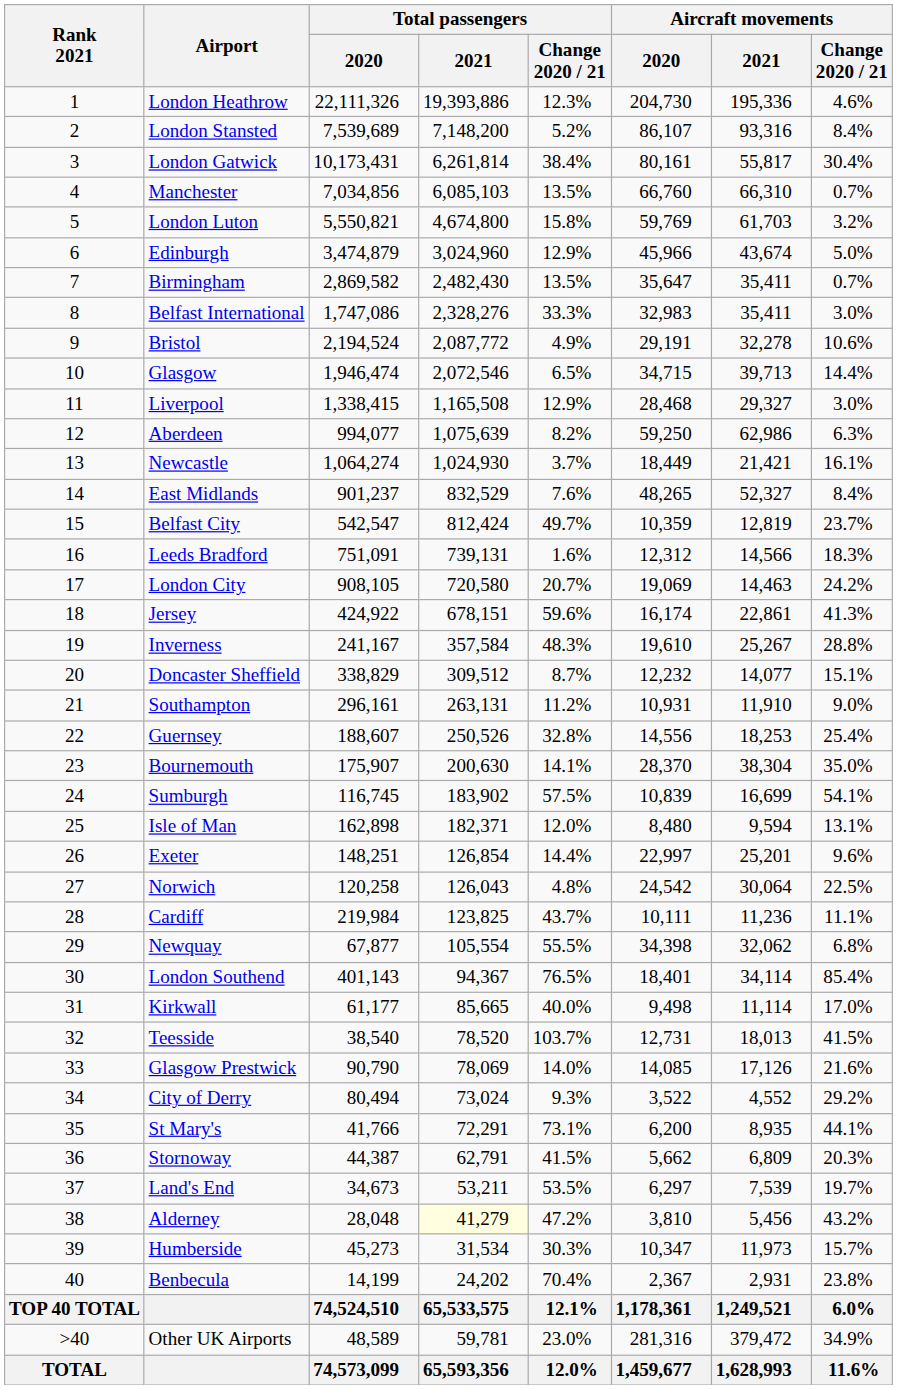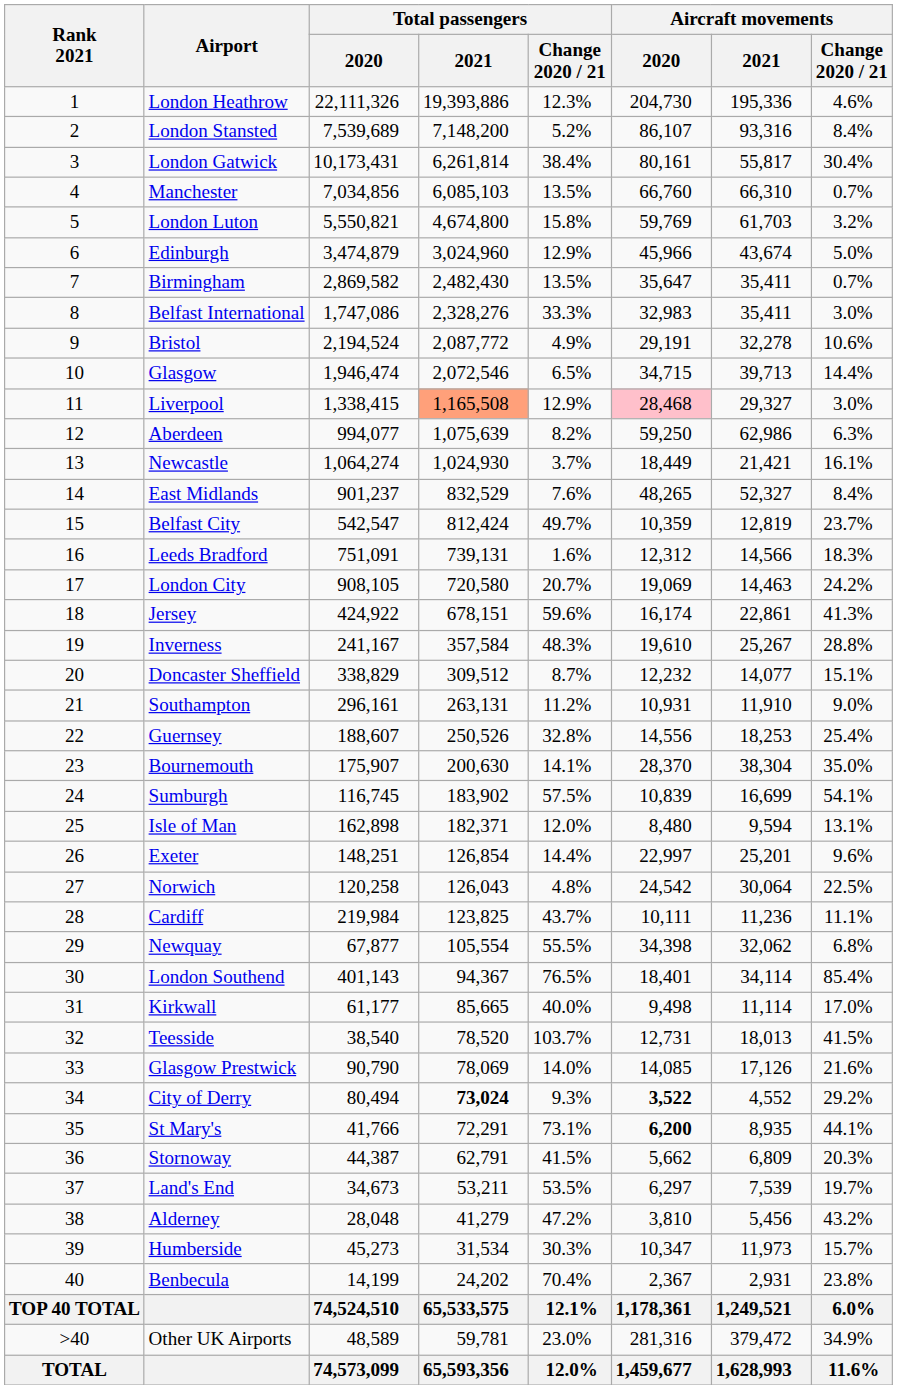 <table class="wikitable sortable" style="text-align: right;">
 <tr>
 <th rowspan=2>Rank<br>2021</th>
 <th rowspan="2">Airport</th>
 <th colspan=3>Total passengers</th>
 <th colspan=3>Aircraft movements</th>
 </tr>
 <tr>
 <th>2020</th>
 <th>2021</th>
 <th>Change<br>2020 / 21</th>
 <th>2020</th>
 <th>2021</th>
 <th>Change<br>2020 / 21</th>
 </tr>
 <tr>
 <td align='center'>1</td>
 <td align='left'><a href='#'>London Heathrow</a></td>
 <td style="padding-right: 1em;">22,111,326</td>
 <td style="padding-right: 1em;">19,393,886</td>
 <td style="padding-right: 1em;">12.3%</td>
 <td style="padding-right: 1em;">204,730</td>
 <td style="padding-right: 1em;">195,336</td>
 <td style="padding-right: 1em;">4.6%</td>
 </tr>
 <tr>
 <td align='center'>2</td>
 <td align='left'><a href='#'>London Stansted</a></td>
 <td style="padding-right: 1em;">7,539,689</td>
 <td style="padding-right: 1em;">7,148,200</td>
 <td style="padding-right: 1em;">5.2%</td>
 <td style="padding-right: 1em;">86,107</td>
 <td style="padding-right: 1em;">93,316</td>
 <td style="padding-right: 1em;">8.4%</td>
 </tr>
 <tr>
 <td align='center'>3</td>
 <td align='left'><a href='#'>London Gatwick</a></td>
 <td style="padding-right: 1em;">10,173,431</td>
 <td style="padding-right: 1em;">6,261,814</td>
 <td style="padding-right: 1em;">38.4%</td>
 <td style="padding-right: 1em;">80,161</td>
 <td style="padding-right: 1em;">55,817</td>
 <td style="padding-right: 1em;">30.4%</td>
 </tr>
 <tr>
 <td align='center'>4</td>
 <td align='left'><a href='#'>Manchester</a></td>
 <td style="padding-right: 1em;">7,034,856</td>
 <td style="padding-right: 1em;">6,085,103</td>
 <td style="padding-right: 1em;">13.5%</td>
 <td style="padding-right: 1em;">66,760</td>
 <td style="padding-right: 1em;">66,310</td>
 <td style="padding-right: 1em;">0.7%</td>
 </tr>
 <tr>
 <td align='center'>5</td>
 <td align='left'><a href='#'>London Luton</a></td>
 <td style="padding-right: 1em;">5,550,821</td>
 <td style="padding-right: 1em;">4,674,800</td>
 <td style="padding-right: 1em;">15.8%</td>
 <td style="padding-right: 1em;">59,769</td>
 <td style="padding-right: 1em;">61,703</td>
 <td style="padding-right: 1em;">3.2%</td>
 </tr>
 <tr>
 <td align='center'>6</td>
 <td align='left'><a href='#'>Edinburgh</a></td>
 <td style="padding-right: 1em;">3,474,879</td>
 <td style="padding-right: 1em;">3,024,960</td>
 <td style="padding-right: 1em;">12.9%</td>
 <td style="padding-right: 1em;">45,966</td>
 <td style="padding-right: 1em;">43,674</td>
 <td style="padding-right: 1em;">5.0%</td>
 </tr>
 <tr>
 <td align='center'>7</td>
 <td align='left'><a href='#'>Birmingham</a></td>
 <td style="padding-right: 1em;">2,869,582</td>
 <td style="padding-right: 1em;">2,482,430</td>
 <td style="padding-right: 1em;">13.5%</td>
 <td style="padding-right: 1em;">35,647</td>
 <td style="padding-right: 1em;">35,411</td>
 <td style="padding-right: 1em;">0.7%</td>
 </tr>
 <tr>
 <td align='center'>8</td>
 <td align='left'><a href='#'>Belfast International</a></td>
 <td style="padding-right: 1em;">1,747,086</td>
 <td style="padding-right: 1em;">2,328,276</td>
 <td style="padding-right: 1em;">33.3%</td>
 <td style="padding-right: 1em;">32,983</td>
 <td style="padding-right: 1em;">35,411</td>
 <td style="padding-right: 1em;">3.0%</td>
 </tr>
 <tr>
 <td align='center'>9</td>
 <td align='left'><a href='#'>Bristol</a></td>
 <td style="padding-right: 1em;">2,194,524</td>
 <td style="padding-right: 1em;">2,087,772</td>
 <td style="padding-right: 1em;">4.9%</td>
 <td style="padding-right: 1em;">29,191</td>
 <td style="padding-right: 1em;">32,278</td>
 <td style="padding-right: 1em;">10.6%</td>
 </tr>
 <tr>
 <td align='center'>10</td>
 <td align='left'><a href='#'>Glasgow</a></td>
 <td style="padding-right: 1em;">1,946,474</td>
 <td style="padding-right: 1em;">2,072,546</td>
 <td style="padding-right: 1em;">6.5%</td>
 <td style="padding-right: 1em;">34,715</td>
 <td style="padding-right: 1em;">39,713</td>
 <td style="padding-right: 1em;">14.4%</td>
 </tr>
 <tr>
 <td align='center'>11</td>
 <td align='left'><a href='#'>Liverpool</a></td>
 <td style="padding-right: 1em;">1,338,415</td>
-<td style="padding-right: 1em;">1,165,508</td>
+<td style="background: lightsalmon; padding-right: 1em;">1,165,508</td>
 <td style="padding-right: 1em;">12.9%</td>
-<td style="padding-right: 1em;">28,468</td>
+<td style="background: pink; padding-right: 1em;">28,468</td>
 <td style="padding-right: 1em;">29,327</td>
 <td style="padding-right: 1em;">3.0%</td>
 </tr>
 <tr>
 <td align='center'>12</td>
 <td align='left'><a href='#'>Aberdeen</a></td>
 <td style="padding-right: 1em;">994,077</td>
 <td style="padding-right: 1em;">1,075,639</td>
 <td style="padding-right: 1em;">8.2%</td>
 <td style="padding-right: 1em;">59,250</td>
 <td style="padding-right: 1em;">62,986</td>
 <td style="padding-right: 1em;">6.3%</td>
 </tr>
 <tr>
 <td align='center'>13</td>
 <td align='left'><a href='#'>Newcastle</a></td>
 <td style="padding-right: 1em;">1,064,274</td>
 <td style="padding-right: 1em;">1,024,930</td>
 <td style="padding-right: 1em;">3.7%</td>
 <td style="padding-right: 1em;">18,449</td>
 <td style="padding-right: 1em;">21,421</td>
 <td style="padding-right: 1em;">16.1%</td>
 </tr>
 <tr>
 <td align='center'>14</td>
 <td align='left'><a href='#'>East Midlands</a></td>
 <td style="padding-right: 1em;">901,237</td>
 <td style="padding-right: 1em;">832,529</td>
 <td style="padding-right: 1em;">7.6%</td>
 <td style="padding-right: 1em;">48,265</td>
 <td style="padding-right: 1em;">52,327</td>
 <td style="padding-right: 1em;">8.4%</td>
 </tr>
 <tr>
 <td align='center'>15</td>
 <td align='left'><a href='#'>Belfast City</a></td>
 <td style="padding-right: 1em;">542,547</td>
 <td style="padding-right: 1em;">812,424</td>
 <td style="padding-right: 1em;">49.7%</td>
 <td style="padding-right: 1em;">10,359</td>
 <td style="padding-right: 1em;">12,819</td>
 <td style="padding-right: 1em;">23.7%</td>
 </tr>
 <tr>
 <td align='center'>16</td>
 <td align='left'><a href='#'>Leeds Bradford</a></td>
 <td style="padding-right: 1em;">751,091</td>
 <td style="padding-right: 1em;">739,131</td>
 <td style="padding-right: 1em;">1.6%</td>
 <td style="padding-right: 1em;">12,312</td>
 <td style="padding-right: 1em;">14,566</td>
 <td style="padding-right: 1em;">18.3%</td>
 </tr>
 <tr>
 <td align='center'>17</td>
 <td align='left'><a href='#'>London City</a></td>
 <td style="padding-right: 1em;">908,105</td>
 <td style="padding-right: 1em;">720,580</td>
 <td style="padding-right: 1em;">20.7%</td>
 <td style="padding-right: 1em;">19,069</td>
 <td style="padding-right: 1em;">14,463</td>
 <td style="padding-right: 1em;">24.2%</td>
 </tr>
 <tr>
 <td align='center'>18</td>
 <td align='left'><a href='#'>Jersey</a></td>
 <td style="padding-right: 1em;">424,922</td>
 <td style="padding-right: 1em;">678,151</td>
 <td style="padding-right: 1em;">59.6%</td>
 <td style="padding-right: 1em;">16,174</td>
 <td style="padding-right: 1em;">22,861</td>
 <td style="padding-right: 1em;">41.3%</td>
 </tr>
 <tr>
 <td align='center'>19</td>
 <td align='left'><a href='#'>Inverness</a></td>
 <td style="padding-right: 1em;">241,167</td>
 <td style="padding-right: 1em;">357,584</td>
 <td style="padding-right: 1em;">48.3%</td>
 <td style="padding-right: 1em;">19,610</td>
 <td style="padding-right: 1em;">25,267</td>
 <td style="padding-right: 1em;">28.8%</td>
 </tr>
 <tr>
 <td align='center'>20</td>
 <td align='left'><a href='#'>Doncaster Sheffield</a></td>
 <td style="padding-right: 1em;">338,829</td>
 <td style="padding-right: 1em;">309,512</td>
 <td style="padding-right: 1em;">8.7%</td>
 <td style="padding-right: 1em;">12,232</td>
 <td style="padding-right: 1em;">14,077</td>
 <td style="padding-right: 1em;">15.1%</td>
 </tr>
 <tr>
 <td align='center'>21</td>
 <td align='left'><a href='#'>Southampton</a></td>
 <td style="padding-right: 1em;">296,161</td>
 <td style="padding-right: 1em;">263,131</td>
 <td style="padding-right: 1em;">11.2%</td>
 <td style="padding-right: 1em;">10,931</td>
 <td style="padding-right: 1em;">11,910</td>
 <td style="padding-right: 1em;">9.0%</td>
 </tr>
 <tr>
 <td align='center'>22</td>
 <td align='left'><a href='#'>Guernsey</a></td>
 <td style="padding-right: 1em;">188,607</td>
 <td style="padding-right: 1em;">250,526</td>
 <td style="padding-right: 1em;">32.8%</td>
 <td style="padding-right: 1em;">14,556</td>
 <td style="padding-right: 1em;">18,253</td>
 <td style="padding-right: 1em;">25.4%</td>
 </tr>
 <tr>
 <td align='center'>23</td>
 <td align='left'><a href='#'>Bournemouth</a></td>
 <td style="padding-right: 1em;">175,907</td>
 <td style="padding-right: 1em;">200,630</td>
 <td style="padding-right: 1em;">14.1%</td>
 <td style="padding-right: 1em;">28,370</td>
 <td style="padding-right: 1em;">38,304</td>
 <td style="padding-right: 1em;">35.0%</td>
 </tr>
 <tr>
 <td align='center'>24</td>
 <td align="left"><a href='#'>Sumburgh</a></td>
 <td style="padding-right: 1em;">116,745</td>
 <td style="padding-right: 1em;">183,902</td>
 <td style="padding-right: 1em;">57.5%</td>
 <td style="padding-right: 1em;">10,839</td>
 <td style="padding-right: 1em;">16,699</td>
 <td style="padding-right: 1em;">54.1%</td>
 </tr>
 <tr>
 <td align='center'>25</td>
 <td align='left'><a href='#'>Isle of Man</a></td>
 <td style="padding-right: 1em;">162,898</td>
 <td style="padding-right: 1em;">182,371</td>
 <td style="padding-right: 1em;">12.0%</td>
 <td style="padding-right: 1em;">8,480</td>
 <td style="padding-right: 1em;">9,594</td>
 <td style="padding-right: 1em;">13.1%</td>
 </tr>
 <tr>
 <td align='center'>26</td>
 <td align='left'><a href='#'>Exeter</a></td>
 <td style="padding-right: 1em;">148,251</td>
 <td style="padding-right: 1em;">126,854</td>
 <td style="padding-right: 1em;">14.4%</td>
 <td style="padding-right: 1em;">22,997</td>
 <td style="padding-right: 1em;">25,201</td>
 <td style="padding-right: 1em;">9.6%</td>
 </tr>
 <tr>
 <td align='center'>27</td>
 <td align='left'><a href='#'>Norwich</a></td>
 <td style="padding-right: 1em;">120,258</td>
 <td style="padding-right: 1em;">126,043</td>
 <td style="padding-right: 1em;">4.8%</td>
 <td style="padding-right: 1em;">24,542</td>
 <td style="padding-right: 1em;">30,064</td>
 <td style="padding-right: 1em;">22.5%</td>
 </tr>
 <tr>
 <td align='center'>28</td>
 <td align='left'><a href='#'>Cardiff</a></td>
 <td style="padding-right: 1em;">219,984</td>
 <td style="padding-right: 1em;">123,825</td>
 <td style="padding-right: 1em;">43.7%</td>
 <td style="padding-right: 1em;">10,111</td>
 <td style="padding-right: 1em;">11,236</td>
 <td style="padding-right: 1em;">11.1%</td>
 </tr>
 <tr>
 <td align='center'>29</td>
 <td align="left"><a href='#'>Newquay</a></td>
 <td style="padding-right: 1em;">67,877</td>
 <td style="padding-right: 1em;">105,554</td>
 <td style="padding-right: 1em;">55.5%</td>
 <td style="padding-right: 1em;">34,398</td>
 <td style="padding-right: 1em;">32,062</td>
 <td style="padding-right: 1em;">6.8%</td>
 </tr>
 <tr>
 <td align='center'>30</td>
 <td align='left'><a href='#'>London Southend</a></td>
 <td style="padding-right: 1em;">401,143</td>
 <td style="padding-right: 1em;">94,367</td>
 <td style="padding-right: 1em;">76.5%</td>
 <td style="padding-right: 1em;">18,401</td>
 <td style="padding-right: 1em;">34,114</td>
 <td style="padding-right: 1em;">85.4%</td>
 </tr>
 <tr>
 <td align='center'>31</td>
 <td align='left'><a href='#'>Kirkwall</a></td>
 <td style="padding-right: 1em;">61,177</td>
 <td style="padding-right: 1em;">85,665</td>
 <td style="padding-right: 1em;">40.0%</td>
 <td style="padding-right: 1em;">9,498</td>
 <td style="padding-right: 1em;">11,114</td>
 <td style="padding-right: 1em;">17.0%</td>
 </tr>
 <tr>
 <td align='center'>32</td>
 <td align="left"><a href='#'>Teesside</a></td>
 <td style="padding-right: 1em;">38,540</td>
 <td style="padding-right: 1em;">78,520</td>
 <td style="padding-right: 1em;">103.7%</td>
 <td style="padding-right: 1em;">12,731</td>
 <td style="padding-right: 1em;">18,013</td>
 <td style="padding-right: 1em;">41.5%</td>
 </tr>
 <tr>
 <td align='center'>33</td>
 <td align='left'><a href='#'>Glasgow Prestwick</a></td>
 <td style="padding-right: 1em;">90,790</td>
 <td style="padding-right: 1em;">78,069</td>
 <td style="padding-right: 1em;">14.0%</td>
 <td style="padding-right: 1em;">14,085</td>
 <td style="padding-right: 1em;">17,126</td>
 <td style="padding-right: 1em;">21.6%</td>
 </tr>
 <tr>
 <td align='center'>34</td>
 <td align="left"><a href='#'>City of Derry</a></td>
 <td style="padding-right: 1em;">80,494</td>
-<td style="padding-right: 1em;">73,024</td>
+<td style="padding-right: 1em;"><strong>73,024</strong></td>
 <td style="padding-right: 1em;">9.3%</td>
-<td style="padding-right: 1em;">3,522</td>
+<td style="padding-right: 1em;"><strong>3,522</strong></td>
 <td style="padding-right: 1em;">4,552</td>
 <td style="padding-right: 1em;">29.2%</td>
 </tr>
 <tr>
 <td align='center'>35</td>
 <td align='left'><a href='#'>St Mary's</a></td>
 <td style="padding-right: 1em;">41,766</td>
 <td style="padding-right: 1em;">72,291</td>
 <td style="padding-right: 1em;">73.1%</td>
-<td style="padding-right: 1em;">6,200</td>
+<td style="padding-right: 1em;"><strong>6,200</strong></td>
 <td style="padding-right: 1em;">8,935</td>
 <td style="padding-right: 1em;">44.1%</td>
 </tr>
 <tr>
 <td align='center'>36</td>
 <td align="left"><a href='#'>Stornoway</a></td>
 <td style="padding-right: 1em;">44,387</td>
 <td style="padding-right: 1em;">62,791</td>
 <td style="padding-right: 1em;">41.5%</td>
 <td style="padding-right: 1em;">5,662</td>
 <td style="padding-right: 1em;">6,809</td>
 <td style="padding-right: 1em;">20.3%</td>
 </tr>
 <tr>
 <td align='center'>37</td>
 <td align='left'><a href='#'>Land's End</a></td>
 <td style="padding-right: 1em;">34,673</td>
 <td style="padding-right: 1em;">53,211</td>
 <td style="padding-right: 1em;">53.5%</td>
 <td style="padding-right: 1em;">6,297</td>
 <td style="padding-right: 1em;">7,539</td>
 <td style="padding-right: 1em;">19.7%</td>
 </tr>
 <tr>
 <td align='center'>38</td>
 <td align='left'><a href='#'>Alderney</a></td>
 <td style="padding-right: 1em;">28,048</td>
-<td style="background: lightyellow; padding-right: 1em;">41,279</td>
+<td style="padding-right: 1em;">41,279</td>
 <td style="padding-right: 1em;">47.2%</td>
 <td style="padding-right: 1em;">3,810</td>
 <td style="padding-right: 1em;">5,456</td>
 <td style="padding-right: 1em;">43.2%</td>
 </tr>
 <tr>
 <td align='center'>39</td>
 <td align='left'><a href='#'>Humberside</a></td>
 <td style="padding-right: 1em;">45,273</td>
 <td style="padding-right: 1em;">31,534</td>
 <td style="padding-right: 1em;">30.3%</td>
 <td style="padding-right: 1em;">10,347</td>
 <td style="padding-right: 1em;">11,973</td>
 <td style="padding-right: 1em;">15.7%</td>
 </tr>
 <tr>
 <td align='center'>40</td>
 <td align='left'><a href='#'>Benbecula</a></td>
 <td style="padding-right: 1em;">14,199</td>
 <td style="padding-right: 1em;">24,202</td>
 <td style="padding-right: 1em;">70.4%</td>
 <td style="padding-right: 1em;">2,367</td>
 <td style="padding-right: 1em;">2,931</td>
 <td style="padding-right: 1em;">23.8%</td>
 </tr>
 <tr class="sortbottom">
 <th>TOP 40 TOTAL</th>
 <th></th>
 <th style="padding-right: 1em;">74,524,510</th>
 <th style="padding-right: 1em;">65,533,575</th>
 <th style="padding-right: 0em;">12.1%</th>
 <th style="padding-right: 1em;">1,178,361</th>
 <th style="padding-right: 1em;">1,249,521</th>
 <th style="padding-right: 0em;">6.0%</th>
 </tr>
 <tr class="sortbottom">
 <td align='center'>>40</td>
 <td align='left'>Other UK Airports</td>
 <td style="padding-right: 1em;">48,589</td>
 <td style="padding-right: 1em;">59,781</td>
 <td style="padding-right: 1em;">23.0%</td>
 <td style="padding-right: 1em;">281,316</td>
 <td style="padding-right: 1em;">379,472</td>
 <td style="padding-right: 1em;">34.9%</td>
 </tr>
 <tr class="sortbottom">
 <th>TOTAL</th>
 <th></th>
 <th style="padding-right: 1em;">74,573,099</th>
 <th style="padding-right: 1em;">65,593,356</th>
 <th style="padding-right: 0em;">12.0%</th>
 <th style="padding-right: 1em;">1,459,677</th>
 <th style="padding-right: 1em;">1,628,993</th>
 <th style="padding-right: 0em;">11.6%</th>
 </tr>
 </table>
